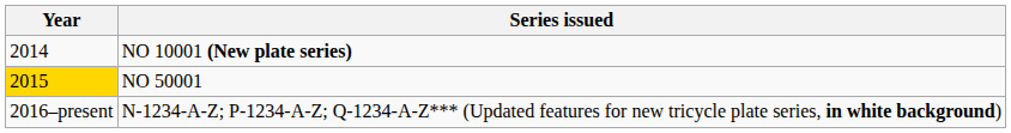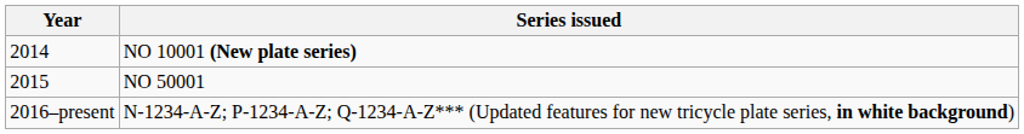 <table class="wikitable">
 <tr>
 <th>Year</th>
 <th>Series issued</th>
 </tr>
 <tr>
 <td>2014</td>
 <td>NO 10001 <strong>(New plate series)</strong></td>
 </tr>
 <tr>
-<td style="background: gold;">2015</td>
+<td>2015</td>
 <td>NO 50001</td>
 </tr>
 <tr>
 <td>2016–present</td>
 <td>N-1234-A-Z; P-1234-A-Z; Q-1234-A-Z*** (Updated features for new tricycle plate series, <strong>in white background</strong>)</td>
 </tr>
 <tr>
 </tr>
 </table>
